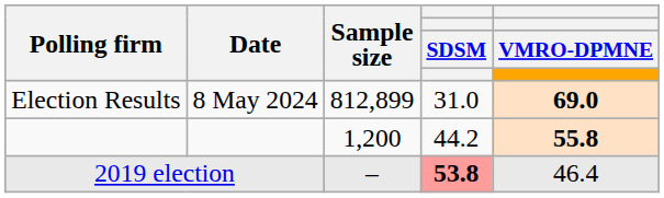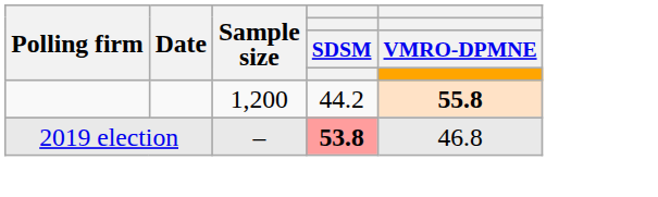 <table class="wikitable sortable" style="text-align:center;font-size:90%;line-height:14px;">
 <tr>
 <th rowspan="4">Polling firm</th>
 <th rowspan="4">Date</th>
 <th rowspan="4">Sample<br>size</th>
 <th></th>
 <th></th>
 </tr>
 <tr>
 <th></th>
 <th></th>
 </tr>
 <tr>
 <th><small><a href='#'>SDSM</a></small></th>
 <th><small><a href='#'>VMRO-DPMNE</a></small></th>
 </tr>
 <tr>
 <th style="background:"></th>
 <th style="background:#FFA500;"></th>
 </tr>
 <tr>
-<td>Election Results</td>
-<td>8 May 2024</td>
-<td>812,899</td>
-<td>31.0</td>
-<td style="background:#FFE2C6"><strong>69.0</strong></td>
-</tr>
-<tr>
 <td></td>
 <td></td>
 <td>1,200</td>
 <td>44.2</td>
 <td style="background:#FFE2C6"><strong>55.8</strong></td>
 </tr>
 <tr style="background:#E9E9E9;">
 <td colspan="2"><a href='#'>2019 election</a></td>
 <td>–</td>
 <td style="background:#FF9D9D"><strong>53.8</strong></td>
-<td>46.4</td>
+<td>46.8</td>
 </tr>
 </table>
